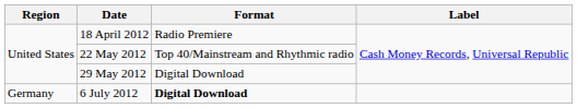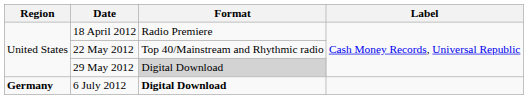 <table class=wikitable>
 <tr>
 <th>Region</th>
 <th>Date</th>
 <th>Format</th>
 <th>Label</th>
 </tr>
 <tr>
 <td rowspan="3">United States</td>
 <td>18 April 2012</td>
 <td>Radio Premiere</td>
 <td rowspan="3"><a href='#'>Cash Money Records</a>, <a href='#'>Universal Republic</a></td>
 </tr>
 <tr>
 <td>22 May 2012</td>
 <td>Top 40/Mainstream and Rhythmic radio</td>
 </tr>
 <tr>
 <td>29 May 2012</td>
-<td>Digital Download</td>
+<td style="background: lightgrey;">Digital Download</td>
 </tr>
 <tr>
-<td>Germany</td>
+<td><strong>Germany</strong></td>
 <td>6 July 2012</td>
 <td><strong>Digital Download</strong></td>
 </tr>
 </table>
